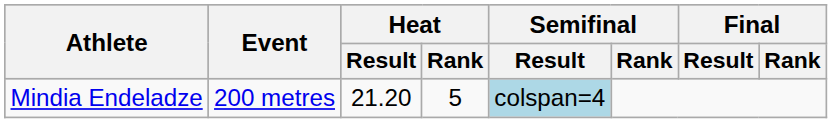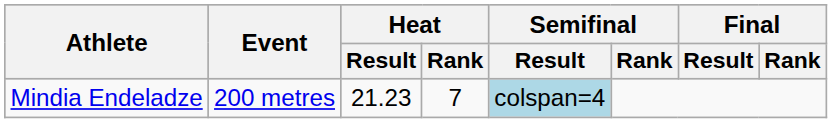 <table class="wikitable" style="font-size:90%">
 <tr>
 <th rowspan="2">Athlete</th>
 <th rowspan="2">Event</th>
 <th colspan="2">Heat</th>
 <th colspan="2">Semifinal</th>
 <th colspan="2">Final</th>
 </tr>
 <tr style="font-size:95%">
 <th>Result</th>
 <th>Rank</th>
 <th>Result</th>
 <th>Rank</th>
 <th>Result</th>
 <th>Rank</th>
 </tr>
 <tr align=center>
 <td align=left><a href='#'>Mindia Endeladze</a></td>
 <td align=left><a href='#'>200 metres</a></td>
-<td>21.20</td>
-<td>5</td>
+<td>21.23</td>
+<td>7</td>
 <td style="background: lightblue;">colspan=4 </td>
 </tr>
 </table>
